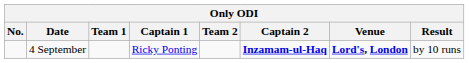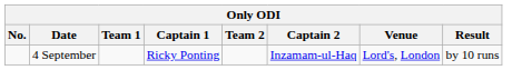 <table class="wikitable">
 <tr>
 <th colspan="8">Only ODI</th>
 </tr>
 <tr>
 <th>No.</th>
 <th>Date</th>
 <th>Team 1</th>
 <th>Captain 1</th>
 <th>Team 2</th>
 <th>Captain 2</th>
 <th>Venue</th>
 <th>Result</th>
 </tr>
 <tr>
 <td></td>
 <td>4 September</td>
 <td></td>
 <td><a href='#'>Ricky Ponting</a></td>
 <td></td>
-<td><strong><a href='#'>Inzamam-ul-Haq</a></strong></td>
-<td><strong><a href='#'>Lord's</a>, <a href='#'>London</a></strong></td>
+<td><a href='#'>Inzamam-ul-Haq</a></td>
+<td><a href='#'>Lord's</a>, <a href='#'>London</a></td>
 <td> by 10 runs</td>
 </tr>
 </table>
